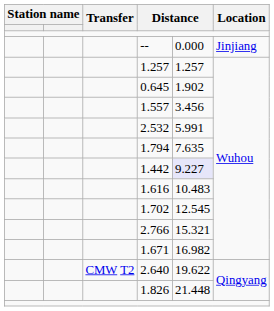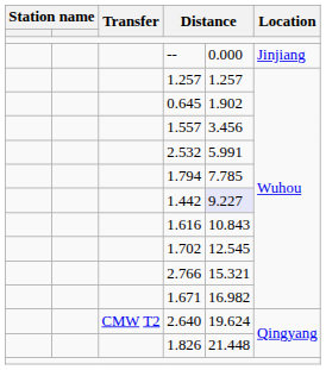 <table class="wikitable">
 <tr>
 <th colspan=2>Station name</th>
 <th rowspan=2>Transfer</th>
 <th colspan="2" rowspan="2">Distance<br></th>
 <th rowspan=2>Location</th>
 </tr>
 <tr>
 <th></th>
 <th></th>
 </tr>
 <tr style="background:#">
 <td colspan = "7"></td>
 </tr>
 <tr>
 <td></td>
 <td></td>
 <td></td>
 <td>--</td>
 <td>0.000</td>
 <td><a href='#'>Jinjiang</a></td>
 </tr>
 <tr>
 <td></td>
 <td></td>
 <td></td>
 <td>1.257</td>
 <td>1.257</td>
 <td rowspan="10"><a href='#'>Wuhou</a></td>
 </tr>
 <tr>
 <td></td>
 <td></td>
 <td> </td>
 <td>0.645</td>
 <td>1.902</td>
 </tr>
 <tr>
 <td></td>
 <td></td>
 <td></td>
 <td>1.557</td>
 <td>3.456</td>
 </tr>
 <tr>
 <td></td>
 <td></td>
 <td></td>
 <td>2.532</td>
 <td>5.991</td>
 </tr>
 <tr>
 <td></td>
 <td></td>
 <td></td>
 <td>1.794</td>
-<td>7.635</td>
+<td>7.785</td>
 </tr>
 <tr>
 <td></td>
 <td></td>
 <td></td>
 <td>1.442</td>
 <td style="background: lavender;">9.227</td>
 </tr>
 <tr>
 <td></td>
 <td></td>
 <td></td>
 <td>1.616</td>
-<td>10.483</td>
+<td>10.843</td>
 </tr>
 <tr>
 <td></td>
 <td></td>
 <td></td>
 <td>1.702</td>
 <td>12.545</td>
 </tr>
 <tr>
 <td></td>
 <td></td>
 <td></td>
 <td>2.766</td>
 <td>15.321</td>
 </tr>
 <tr>
 <td></td>
 <td></td>
 <td></td>
 <td>1.671</td>
 <td>16.982</td>
 </tr>
 <tr>
 <td></td>
 <td></td>
 <td>  <a href='#'>CMW</a>  <a href='#'>T2</a></td>
 <td>2.640</td>
-<td>19.622</td>
+<td>19.624</td>
 <td rowspan="2"><a href='#'>Qingyang</a></td>
 </tr>
 <tr>
 <td></td>
 <td></td>
 <td></td>
 <td>1.826</td>
 <td>21.448</td>
 </tr>
 <tr style="background:#">
 <td colspan="6"></td>
 </tr>
 </table>
